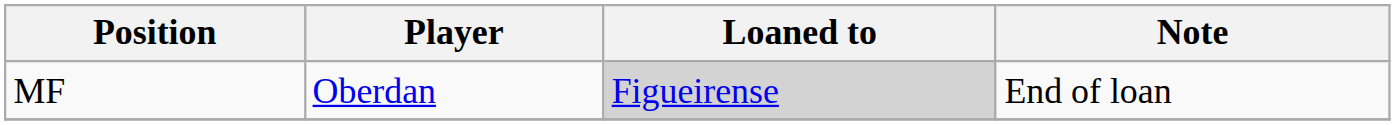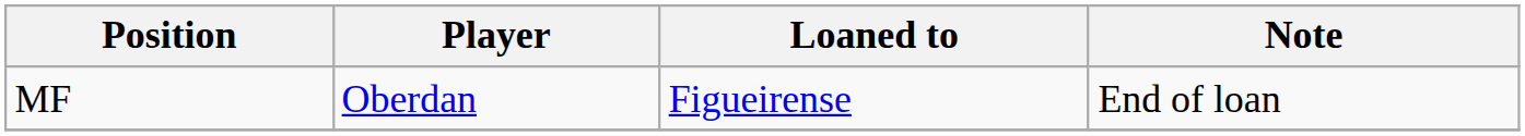 <table class="wikitable sortable" style="width:70%; text-align:center; font-size:100%; text-align:left;">
 <tr>
 <th>Position</th>
 <th>Player</th>
 <th>Loaned to</th>
 <th>Note</th>
 </tr>
 <tr>
 <td>MF</td>
 <td> <a href='#'>Oberdan</a></td>
-<td style="background: lightgrey;"> <a href='#'>Figueirense</a></td>
+<td> <a href='#'>Figueirense</a></td>
 <td>End of loan</td>
 </tr>
 <tr>
 </tr>
 </table>
